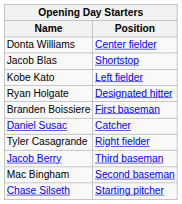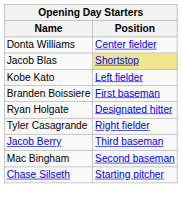 <table class="wikitable" style="text-align:left">
 <tr>
 <th colspan="2">Opening Day Starters</th>
 </tr>
 <tr>
 <th>Name</th>
 <th>Position</th>
 </tr>
 <tr>
 <td>Donta Williams</td>
 <td><a href='#'>Center fielder</a></td>
 </tr>
 <tr>
 <td>Jacob Blas</td>
-<td><a href='#'>Shortstop</a></td>
+<td style="background: khaki;"><a href='#'>Shortstop</a></td>
 </tr>
 <tr>
 <td>Kobe Kato</td>
 <td><a href='#'>Left fielder</a></td>
 </tr>
 <tr>
-<td>Ryan Holgate</td>
-<td><a href='#'>Designated hitter</a></td>
-</tr>
-<tr>
 <td>Branden Boissiere</td>
 <td><a href='#'>First baseman</a></td>
 </tr>
 <tr>
-<td><a href='#'>Daniel Susac</a></td>
-<td><a href='#'>Catcher</a></td>
+<td>Ryan Holgate</td>
+<td><a href='#'>Designated hitter</a></td>
 </tr>
 <tr>
 <td>Tyler Casagrande</td>
 <td><a href='#'>Right fielder</a></td>
 </tr>
 <tr>
 <td><a href='#'>Jacob Berry</a></td>
 <td><a href='#'>Third baseman</a></td>
 </tr>
 <tr>
 <td>Mac Bingham</td>
 <td><a href='#'>Second baseman</a></td>
 </tr>
 <tr>
 <td><a href='#'>Chase Silseth</a></td>
 <td><a href='#'>Starting pitcher</a></td>
 </tr>
 </table>
